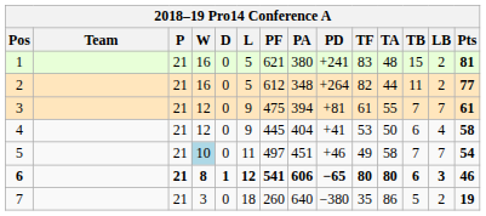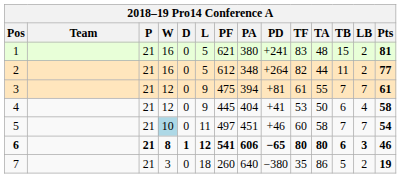 <table class="wikitable" style="text-align:center; font-size:100%; width:60%;">
 <tr>
 <th colspan="100%" cellpadding="0" cellspacing="0">2018–19 Pro14 Conference A</th>
 </tr>
 <tr>
 <th style="width:5%;">Pos</th>
 <th style="width:35%;">Team</th>
 <th style="width:5%;">P</th>
 <th style="width:5%;">W</th>
 <th style="width:5%;">D</th>
 <th style="width:5%;">L</th>
 <th style="width:5%;">PF</th>
 <th style="width:5%;">PA</th>
 <th style="width:5%;">PD</th>
 <th style="width:5%;">TF</th>
 <th style="width:5%;">TA</th>
 <th style="width:5%;">TB</th>
 <th style="width:5%;">LB</th>
 <th style="width:5%;">Pts<br></th>
 </tr>
 <tr style="background:#E8FFD8;">
 <td>1</td>
 <td style="text-align:left;"></td>
 <td>21</td>
 <td>16</td>
 <td>0</td>
 <td>5</td>
 <td>621</td>
 <td>380</td>
 <td>+241</td>
 <td>83</td>
 <td>48</td>
 <td>15</td>
 <td>2</td>
 <td><strong>81</strong></td>
 </tr>
 <tr style="background:#FFE6BD;">
 <td>2</td>
 <td style="text-align:left;"></td>
 <td>21</td>
 <td>16</td>
 <td>0</td>
 <td>5</td>
 <td>612</td>
 <td>348</td>
 <td>+264</td>
 <td>82</td>
 <td>44</td>
 <td>11</td>
 <td>2</td>
 <td><strong>77</strong></td>
 </tr>
 <tr style="background:#FFE6BD;">
 <td>3</td>
 <td style="text-align:left;"></td>
 <td>21</td>
 <td>12</td>
 <td>0</td>
 <td>9</td>
 <td>475</td>
 <td>394</td>
 <td>+81</td>
 <td>61</td>
 <td>55</td>
 <td>7</td>
 <td>7</td>
 <td><strong>61</strong></td>
 </tr>
 <tr>
 <td>4</td>
 <td style="text-align:left;"></td>
 <td>21</td>
 <td>12</td>
 <td>0</td>
 <td>9</td>
 <td>445</td>
 <td>404</td>
 <td>+41</td>
 <td>53</td>
 <td>50</td>
 <td>6</td>
 <td>4</td>
 <td><strong>58</strong></td>
 </tr>
 <tr>
 <td>5</td>
 <td style="text-align:left;"></td>
 <td>21</td>
 <td style="background: lightblue;">10</td>
 <td>0</td>
 <td>11</td>
 <td>497</td>
 <td>451</td>
 <td>+46</td>
-<td>49</td>
+<td>60</td>
 <td>58</td>
 <td>7</td>
 <td>7</td>
 <td><strong>54</strong></td>
 </tr>
 <tr style="font-weight:bold;">
 <td>6</td>
 <td style="text-align:left;"></td>
 <td>21</td>
 <td>8</td>
 <td>1</td>
 <td>12</td>
 <td>541</td>
 <td>606</td>
 <td>−65</td>
 <td>80</td>
 <td>80</td>
 <td>6</td>
 <td>3</td>
 <td><strong>46</strong></td>
 </tr>
 <tr>
 <td>7</td>
 <td style="text-align:left;"></td>
 <td>21</td>
 <td>3</td>
 <td>0</td>
 <td>18</td>
 <td>260</td>
 <td>640</td>
 <td>−380</td>
 <td>35</td>
 <td>86</td>
 <td>5</td>
 <td>2</td>
 <td><strong>19</strong></td>
 </tr>
 </table>
